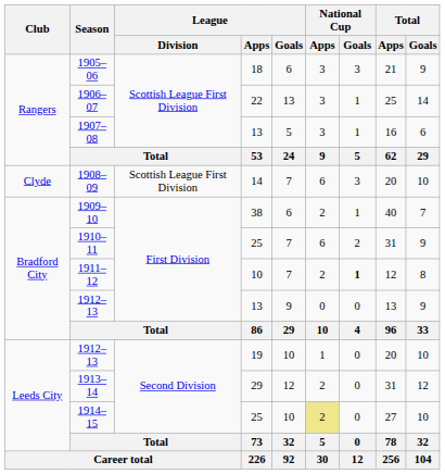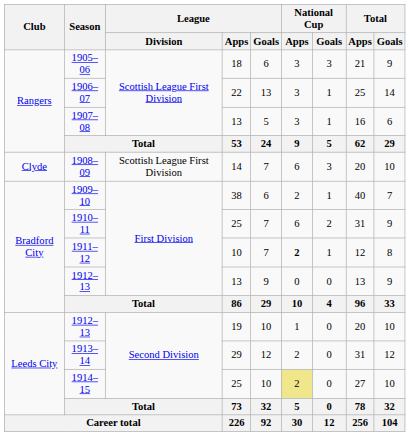 <table class="wikitable" style="text-align: center;">
 <tr>
 <th rowspan="2">Club</th>
 <th rowspan="2">Season</th>
 <th colspan="3">League</th>
 <th colspan="2">National Cup</th>
 <th colspan="2">Total</th>
 </tr>
 <tr>
 <th>Division</th>
 <th>Apps</th>
 <th>Goals</th>
 <th>Apps</th>
 <th>Goals</th>
 <th>Apps</th>
 <th>Goals</th>
 </tr>
 <tr>
 <td rowspan="4"><a href='#'>Rangers</a></td>
 <td><a href='#'>1905–06</a></td>
 <td rowspan="3"><a href='#'>Scottish League First Division</a></td>
 <td>18</td>
 <td>6</td>
 <td>3</td>
 <td>3</td>
 <td>21</td>
 <td>9</td>
 </tr>
 <tr>
 <td><a href='#'>1906–07</a></td>
 <td>22</td>
 <td>13</td>
 <td>3</td>
 <td>1</td>
 <td>25</td>
 <td>14</td>
 </tr>
 <tr>
 <td><a href='#'>1907–08</a></td>
 <td>13</td>
 <td>5</td>
 <td>3</td>
 <td>1</td>
 <td>16</td>
 <td>6</td>
 </tr>
 <tr>
 <th colspan="2">Total</th>
 <th>53</th>
 <th>24</th>
 <th>9</th>
 <th>5</th>
 <th>62</th>
 <th>29</th>
 </tr>
 <tr>
 <td><a href='#'>Clyde</a></td>
 <td><a href='#'>1908–09</a></td>
 <td>Scottish League First Division</td>
 <td>14</td>
 <td>7</td>
 <td>6</td>
 <td>3</td>
 <td>20</td>
 <td>10</td>
 </tr>
 <tr>
 <td rowspan="5"><a href='#'>Bradford City</a></td>
 <td><a href='#'>1909–10</a></td>
 <td rowspan="4"><a href='#'>First Division</a></td>
 <td>38</td>
 <td>6</td>
 <td>2</td>
 <td>1</td>
 <td>40</td>
 <td>7</td>
 </tr>
 <tr>
 <td><a href='#'>1910–11</a></td>
 <td>25</td>
 <td>7</td>
 <td>6</td>
 <td>2</td>
 <td>31</td>
 <td>9</td>
 </tr>
 <tr>
 <td><a href='#'>1911–12</a></td>
 <td>10</td>
 <td>7</td>
-<td>2</td>
-<td><strong>1</strong></td>
+<td><strong>2</strong></td>
+<td>1</td>
 <td>12</td>
 <td>8</td>
 </tr>
 <tr>
 <td><a href='#'>1912–13</a></td>
 <td>13</td>
 <td>9</td>
 <td>0</td>
 <td>0</td>
 <td>13</td>
 <td>9</td>
 </tr>
 <tr>
 <th colspan="2">Total</th>
 <th>86</th>
 <th>29</th>
 <th>10</th>
 <th>4</th>
 <th>96</th>
 <th>33</th>
 </tr>
 <tr>
 <td rowspan="4"><a href='#'>Leeds City</a></td>
 <td><a href='#'>1912–13</a></td>
 <td rowspan="3"><a href='#'>Second Division</a></td>
 <td>19</td>
 <td>10</td>
 <td>1</td>
 <td>0</td>
 <td>20</td>
 <td>10</td>
 </tr>
 <tr>
 <td><a href='#'>1913–14</a></td>
 <td>29</td>
 <td>12</td>
 <td>2</td>
 <td>0</td>
 <td>31</td>
 <td>12</td>
 </tr>
 <tr>
 <td><a href='#'>1914–15</a></td>
 <td>25</td>
 <td>10</td>
 <td style="background: khaki;">2</td>
 <td>0</td>
 <td>27</td>
 <td>10</td>
 </tr>
 <tr>
 <th colspan="2">Total</th>
 <th>73</th>
 <th>32</th>
 <th>5</th>
 <th>0</th>
 <th>78</th>
 <th>32</th>
 </tr>
 <tr>
 <th colspan="3">Career total</th>
 <th>226</th>
 <th>92</th>
 <th>30</th>
 <th>12</th>
 <th>256</th>
 <th>104</th>
 </tr>
 </table>
